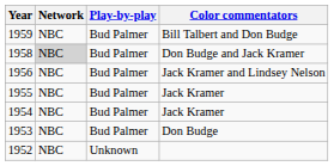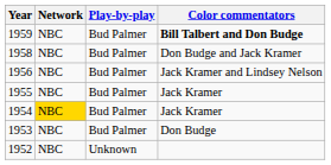 <table class="wikitable">
 <tr>
 <th>Year</th>
 <th>Network</th>
 <th><a href='#'>Play-by-play</a></th>
 <th><a href='#'>Color commentators</a></th>
 </tr>
 <tr>
 <td>1959</td>
 <td>NBC</td>
 <td>Bud Palmer</td>
-<td>Bill Talbert and Don Budge</td>
+<td><strong>Bill Talbert and Don Budge</strong></td>
 </tr>
 <tr>
 <td>1958</td>
-<td style="background: lightgrey;">NBC</td>
+<td>NBC</td>
 <td>Bud Palmer</td>
 <td>Don Budge and Jack Kramer</td>
 </tr>
 <tr>
 <td>1956</td>
 <td>NBC</td>
 <td>Bud Palmer</td>
 <td>Jack Kramer and Lindsey Nelson</td>
 </tr>
 <tr>
 <td>1955</td>
 <td>NBC</td>
 <td>Bud Palmer</td>
 <td>Jack Kramer</td>
 </tr>
 <tr>
 <td>1954</td>
-<td>NBC</td>
+<td style="background: gold;">NBC</td>
 <td>Bud Palmer</td>
 <td>Jack Kramer</td>
 </tr>
 <tr>
 <td>1953</td>
 <td>NBC</td>
 <td>Bud Palmer</td>
 <td>Don Budge</td>
 </tr>
 <tr>
 <td>1952</td>
 <td>NBC</td>
 <td>Unknown</td>
 </tr>
 </table>
